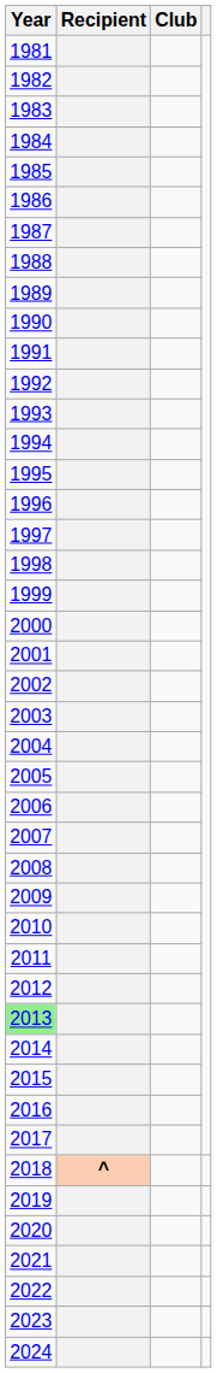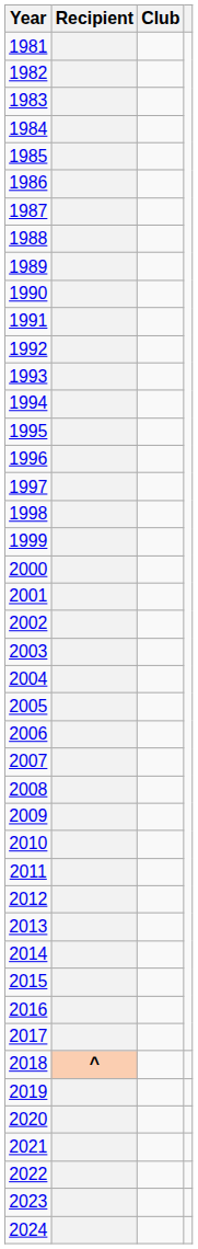 <table class="wikitable sortable plainrowheaders" style="text-align:center;">
 <tr>
 <th scope=col>Year</th>
 <th scope=col>Recipient</th>
 <th scope=col>Club</th>
 <th scope=col class="unsortable"></th>
 </tr>
 <tr>
 <td><a href='#'>1981</a></td>
 <th scope=row></th>
 <td></td>
 <td rowspan=37></td>
 </tr>
 <tr>
 <td><a href='#'>1982</a></td>
 <th scope=row></th>
 <td></td>
 </tr>
 <tr>
 <td><a href='#'>1983</a></td>
 <th scope=row></th>
 <td></td>
 </tr>
 <tr>
 <td><a href='#'>1984</a></td>
 <th scope=row></th>
 <td></td>
 </tr>
 <tr>
 <td><a href='#'>1985</a></td>
 <th scope=row></th>
 <td></td>
 </tr>
 <tr>
 <td><a href='#'>1986</a></td>
 <th scope=row></th>
 <td></td>
 </tr>
 <tr>
 <td><a href='#'>1987</a></td>
 <th scope=row></th>
 <td></td>
 </tr>
 <tr>
 <td><a href='#'>1988</a></td>
 <th scope=row></th>
 <td></td>
 </tr>
 <tr>
 <td><a href='#'>1989</a></td>
 <th scope=row></th>
 <td></td>
 </tr>
 <tr>
 <td><a href='#'>1990</a></td>
 <th scope=row></th>
 <td></td>
 </tr>
 <tr>
 <td><a href='#'>1991</a></td>
 <th scope=row></th>
 <td></td>
 </tr>
 <tr>
 <td><a href='#'>1992</a></td>
 <th scope=row></th>
 <td></td>
 </tr>
 <tr>
 <td><a href='#'>1993</a></td>
 <th scope=row></th>
 <td></td>
 </tr>
 <tr>
 <td><a href='#'>1994</a></td>
 <th scope=row></th>
 <td></td>
 </tr>
 <tr>
 <td><a href='#'>1995</a></td>
 <th scope=row></th>
 <td></td>
 </tr>
 <tr>
 <td><a href='#'>1996</a></td>
 <th scope=row></th>
 <td></td>
 </tr>
 <tr>
 <td><a href='#'>1997</a></td>
 <th scope=row></th>
 <td></td>
 </tr>
 <tr>
 <td><a href='#'>1998</a></td>
 <th scope=row></th>
 <td></td>
 </tr>
 <tr>
 <td><a href='#'>1999</a></td>
 <th scope=row></th>
 <td></td>
 </tr>
 <tr>
 <td><a href='#'>2000</a></td>
 <th scope=row></th>
 <td></td>
 </tr>
 <tr>
 <td><a href='#'>2001</a></td>
 <th scope=row></th>
 <td></td>
 </tr>
 <tr>
 <td><a href='#'>2002</a></td>
 <th scope=row></th>
 <td></td>
 </tr>
 <tr>
 <td><a href='#'>2003</a></td>
 <th scope=row></th>
 <td></td>
 </tr>
 <tr>
 <td><a href='#'>2004</a></td>
 <th scope=row></th>
 <td></td>
 </tr>
 <tr>
 <td><a href='#'>2005</a></td>
 <th scope=row></th>
 <td></td>
 </tr>
 <tr>
 <td><a href='#'>2006</a></td>
 <th scope=row></th>
 <td></td>
 </tr>
 <tr>
 <td><a href='#'>2007</a></td>
 <th scope=row></th>
 <td></td>
 </tr>
 <tr>
 <td><a href='#'>2008</a></td>
 <th scope=row></th>
 <td></td>
 </tr>
 <tr>
 <td><a href='#'>2009</a></td>
 <th scope=row></th>
 <td></td>
 </tr>
 <tr>
 <td><a href='#'>2010</a></td>
 <th scope=row></th>
 <td></td>
 </tr>
 <tr>
 <td><a href='#'>2011</a></td>
 <th scope=row></th>
 <td></td>
 </tr>
 <tr>
 <td><a href='#'>2012</a></td>
 <th scope=row></th>
 <td></td>
 </tr>
 <tr>
-<td style="background: lightgreen;"><a href='#'>2013</a></td>
+<td><a href='#'>2013</a></td>
 <th scope=row></th>
 <td></td>
 </tr>
 <tr>
 <td><a href='#'>2014</a></td>
 <th scope=row></th>
 <td></td>
 </tr>
 <tr>
 <td><a href='#'>2015</a></td>
 <th scope=row></th>
 <td></td>
 </tr>
 <tr>
 <td><a href='#'>2016</a></td>
 <th scope=row></th>
 <td></td>
 </tr>
 <tr>
 <td><a href='#'>2017</a></td>
 <th scope=row></th>
 <td></td>
 </tr>
 <tr>
 <td><a href='#'>2018</a></td>
 <th scope=row style="background:#FBCEB1;">^</th>
 <td></td>
 <td></td>
 </tr>
 <tr>
 <td><a href='#'>2019</a></td>
 <th scope=row></th>
 <td></td>
 <td></td>
 </tr>
 <tr>
 <td><a href='#'>2020</a></td>
 <th scope=row></th>
 <td></td>
 <td></td>
 </tr>
 <tr>
 <td><a href='#'>2021</a></td>
 <th scope=row></th>
 <td></td>
 <td></td>
 </tr>
 <tr>
 <td><a href='#'>2022</a></td>
 <th scope=row></th>
 <td></td>
 <td></td>
 </tr>
 <tr>
 <td><a href='#'>2023</a></td>
 <th scope=row></th>
 <td></td>
 <td></td>
 </tr>
 <tr>
 <td><a href='#'>2024</a></td>
 <th scope=row></th>
 <td></td>
 <td></td>
 </tr>
 </table>
